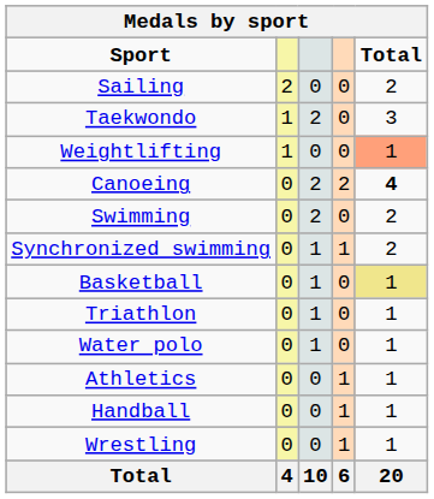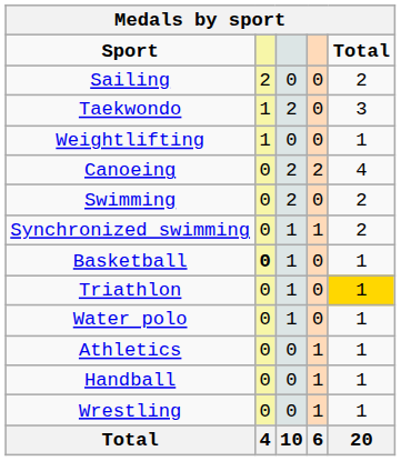 <table class="wikitable" style="font-size:85%; float:right">
 <tr bgcolor=#efefef>
 <th colspan=7>Medals by sport</th>
 </tr>
 <tr align=center>
 <td><strong>Sport</strong></td>
 <td bgcolor=#f7f6a8></td>
 <td bgcolor=#dce5e5></td>
 <td bgcolor=#ffdab9></td>
 <td><strong>Total</strong></td>
 </tr>
 <tr align=center>
 <td><a href='#'>Sailing</a></td>
 <td bgcolor=#f7f6a8>2</td>
 <td bgcolor=#dce5e5>0</td>
 <td bgcolor=#ffdab9>0</td>
 <td>2</td>
 </tr>
 <tr align=center>
 <td><a href='#'>Taekwondo</a></td>
 <td bgcolor=#f7f6a8>1</td>
 <td bgcolor=#dce5e5>2</td>
 <td bgcolor=#ffdab9>0</td>
 <td>3</td>
 </tr>
 <tr align=center>
 <td><a href='#'>Weightlifting</a></td>
 <td bgcolor=#f7f6a8>1</td>
 <td bgcolor=#dce5e5>0</td>
 <td bgcolor=#ffdab9>0</td>
-<td style="background: lightsalmon;">1</td>
+<td>1</td>
 </tr>
 <tr align=center>
 <td><a href='#'>Canoeing</a></td>
 <td bgcolor=#f7f6a8>0</td>
 <td bgcolor=#dce5e5>2</td>
 <td bgcolor=#ffdab9>2</td>
-<td><strong>4</strong></td>
+<td>4</td>
 </tr>
 <tr align=center>
 <td><a href='#'>Swimming</a></td>
 <td bgcolor=#f7f6a8>0</td>
 <td bgcolor=#dce5e5>2</td>
 <td bgcolor=#ffdab9>0</td>
 <td>2</td>
 </tr>
 <tr align=center>
 <td><a href='#'>Synchronized swimming</a></td>
 <td bgcolor=#f7f6a8>0</td>
 <td bgcolor=#dce5e5>1</td>
 <td bgcolor=#ffdab9>1</td>
 <td>2</td>
 </tr>
 <tr align=center>
 <td><a href='#'>Basketball</a></td>
-<td bgcolor=#f7f6a8>0</td>
+<td bgcolor=#f7f6a8><strong>0</strong></td>
 <td bgcolor=#dce5e5>1</td>
 <td bgcolor=#ffdab9>0</td>
-<td style="background: khaki;">1</td>
+<td>1</td>
 </tr>
 <tr align=center>
 <td><a href='#'>Triathlon</a></td>
 <td bgcolor=#f7f6a8>0</td>
 <td bgcolor=#dce5e5>1</td>
 <td bgcolor=#ffdab9>0</td>
-<td>1</td>
+<td style="background: gold;">1</td>
 </tr>
 <tr align=center>
 <td><a href='#'>Water polo</a></td>
 <td bgcolor=#f7f6a8>0</td>
 <td bgcolor=#dce5e5>1</td>
 <td bgcolor=#ffdab9>0</td>
 <td>1</td>
 </tr>
 <tr align=center>
 <td><a href='#'>Athletics</a></td>
 <td bgcolor=#f7f6a8>0</td>
 <td bgcolor=#dce5e5>0</td>
 <td bgcolor=#ffdab9>1</td>
 <td>1</td>
 </tr>
 <tr align=center>
 <td><a href='#'>Handball</a></td>
 <td bgcolor=#f7f6a8>0</td>
 <td bgcolor=#dce5e5>0</td>
 <td bgcolor=#ffdab9>1</td>
 <td>1</td>
 </tr>
 <tr align=center>
 <td><a href='#'>Wrestling</a></td>
 <td bgcolor=#f7f6a8>0</td>
 <td bgcolor=#dce5e5>0</td>
 <td bgcolor=#ffdab9>1</td>
 <td>1</td>
 </tr>
 <tr align=center>
 <th>Total</th>
 <th bgcolor=gold>4</th>
 <th bgcolor=silver>10</th>
 <th bgcolor=#c96>6</th>
 <th>20</th>
 </tr>
 </table>
